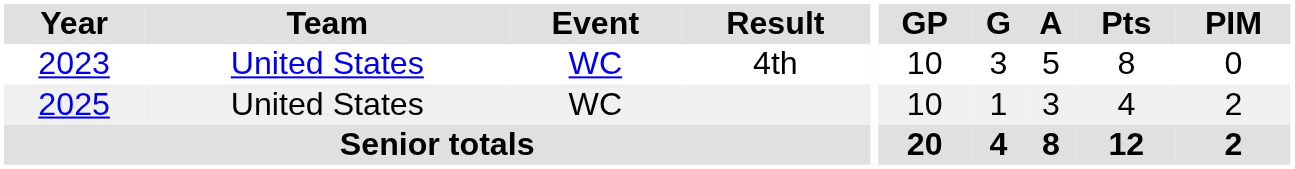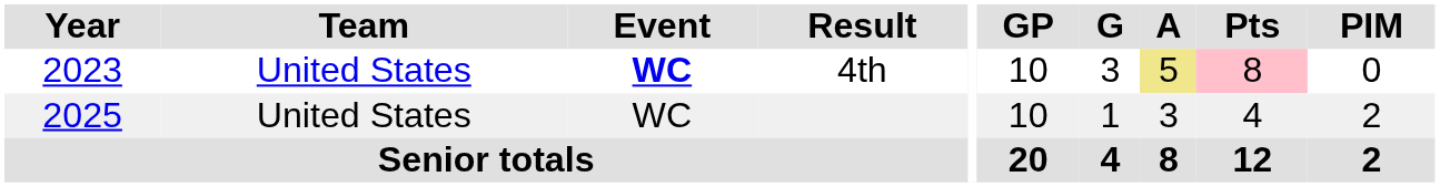 <table border="0" cellpadding="1" cellspacing="0" ID="Table3" style="text-align:center; width:40em">
 <tr ALIGN="center" bgcolor="#e0e0e0">
 <th>Year</th>
 <th>Team</th>
 <th>Event</th>
 <th>Result</th>
 <th rowspan="99" bgcolor="#ffffff"></th>
 <th>GP</th>
 <th>G</th>
 <th>A</th>
 <th>Pts</th>
 <th>PIM</th>
 </tr>
 <tr>
 <td><a href='#'>2023</a></td>
 <td><a href='#'>United States</a></td>
-<td><a href='#'>WC</a></td>
+<td><strong><a href='#'>WC</a></strong></td>
 <td>4th</td>
 <td>10</td>
 <td>3</td>
-<td>5</td>
-<td>8</td>
+<td style="background: khaki;">5</td>
+<td style="background: pink;">8</td>
 <td>0</td>
 </tr>
 <tr bgcolor="#f0f0f0">
 <td><a href='#'>2025</a></td>
 <td>United States</td>
 <td>WC</td>
 <td></td>
 <td>10</td>
 <td>1</td>
 <td>3</td>
 <td>4</td>
 <td>2</td>
 </tr>
 <tr bgcolor="#e0e0e0">
 <th colspan="4">Senior totals</th>
 <th>20</th>
 <th>4</th>
 <th>8</th>
 <th>12</th>
 <th>2</th>
 </tr>
 </table>
